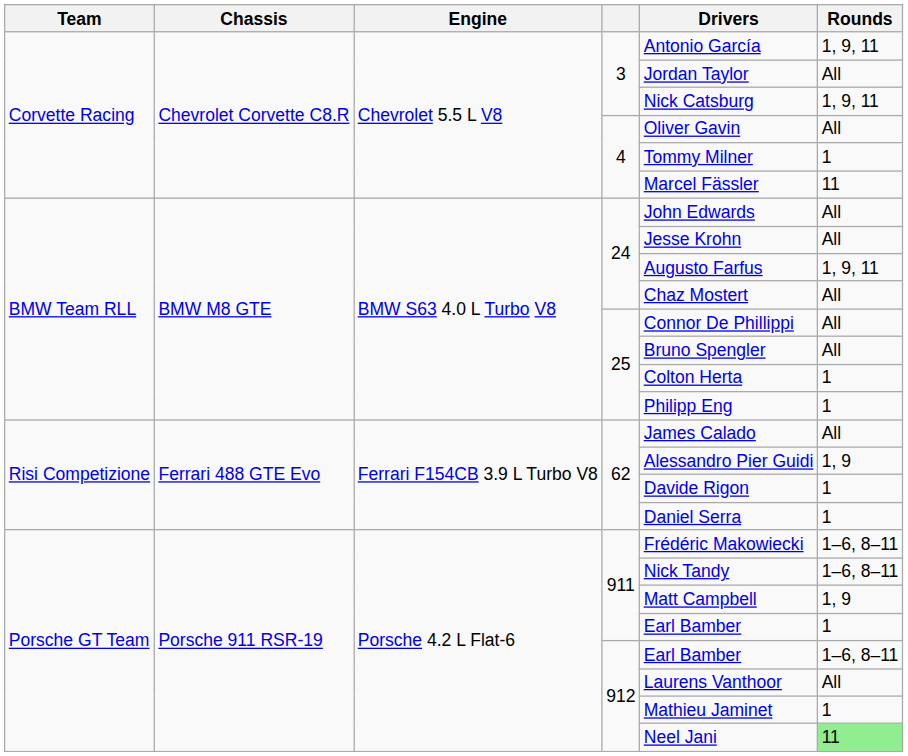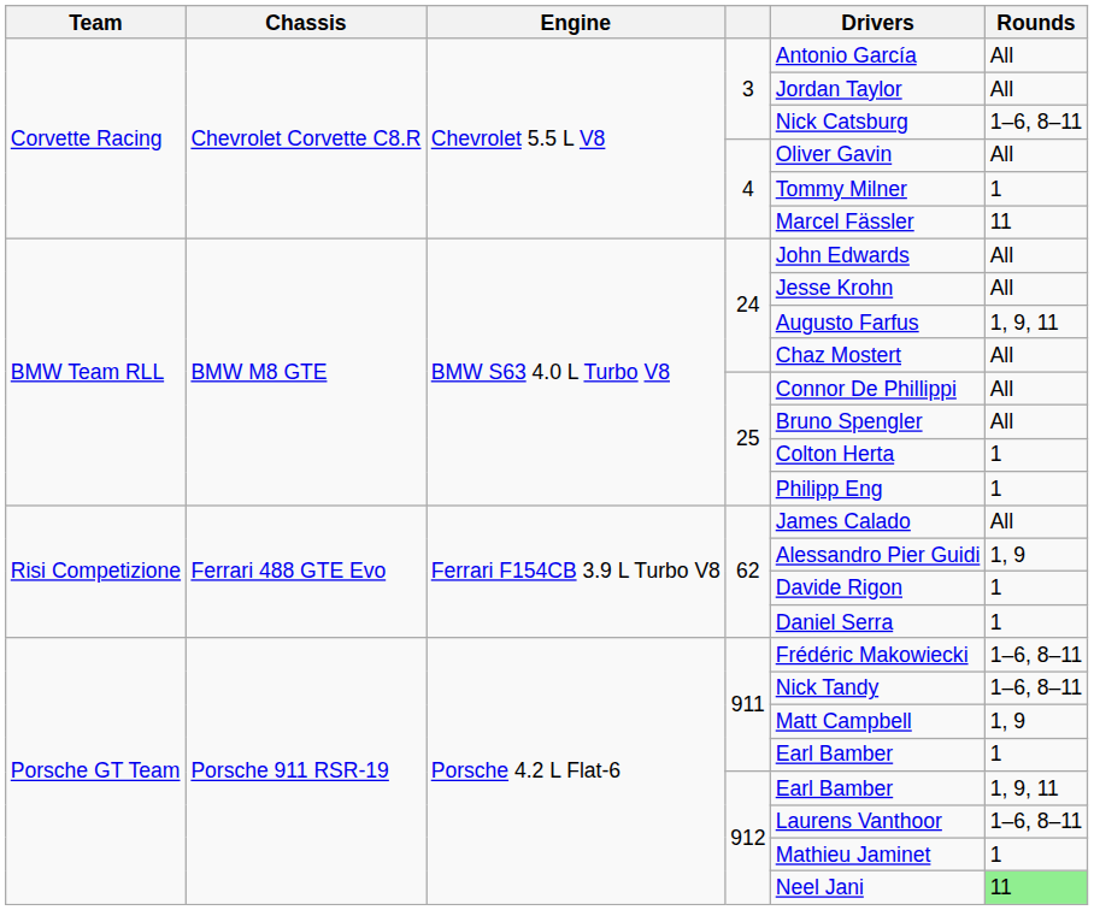 <table class="wikitable" style="font-size: 85%">
 <tr>
 <th>Team</th>
 <th>Chassis</th>
 <th>Engine</th>
 <th></th>
 <th>Drivers</th>
 <th>Rounds</th>
 </tr>
 <tr>
 <td rowspan=6> <a href='#'>Corvette Racing</a></td>
 <td rowspan=6><a href='#'>Chevrolet Corvette C8.R</a></td>
 <td rowspan=6><a href='#'>Chevrolet</a> 5.5 L  <a href='#'>V8</a></td>
 <td rowspan=3 align="center">3</td>
 <td> <a href='#'>Antonio García</a></td>
-<td>1, 9, 11</td>
+<td>All</td>
 </tr>
 <tr>
 <td> <a href='#'>Jordan Taylor</a></td>
 <td>All</td>
 </tr>
 <tr>
 <td> <a href='#'>Nick Catsburg</a></td>
-<td>1, 9, 11</td>
+<td>1–6, 8–11</td>
 </tr>
 <tr>
 <td rowspan=3 align="center">4</td>
 <td> <a href='#'>Oliver Gavin</a></td>
 <td>All</td>
 </tr>
 <tr>
 <td> <a href='#'>Tommy Milner</a></td>
 <td>1</td>
 </tr>
 <tr>
 <td> <a href='#'>Marcel Fässler</a></td>
 <td>11</td>
 </tr>
 <tr>
 <td rowspan=8> <a href='#'>BMW Team RLL</a></td>
 <td rowspan=8><a href='#'>BMW M8 GTE</a></td>
 <td rowspan=8><a href='#'>BMW S63</a> 4.0 L <a href='#'>Turbo</a> <a href='#'>V8</a></td>
 <td rowspan="4" align="center">24</td>
 <td> <a href='#'>John Edwards</a></td>
 <td>All</td>
 </tr>
 <tr>
 <td> <a href='#'>Jesse Krohn</a></td>
 <td>All</td>
 </tr>
 <tr>
 <td> <a href='#'>Augusto Farfus</a></td>
 <td>1, 9, 11</td>
 </tr>
 <tr>
 <td> <a href='#'>Chaz Mostert</a></td>
 <td>All</td>
 </tr>
 <tr>
 <td rowspan="4" align="center">25</td>
 <td> <a href='#'>Connor De Phillippi</a></td>
 <td>All</td>
 </tr>
 <tr>
 <td> <a href='#'>Bruno Spengler</a></td>
 <td>All</td>
 </tr>
 <tr>
 <td> <a href='#'>Colton Herta</a></td>
 <td>1</td>
 </tr>
 <tr>
 <td> <a href='#'>Philipp Eng</a></td>
 <td>1</td>
 </tr>
 <tr>
 <td rowspan=4> <a href='#'>Risi Competizione</a></td>
 <td rowspan=4><a href='#'>Ferrari 488 GTE Evo</a></td>
 <td rowspan=4><a href='#'>Ferrari F154CB</a> 3.9 L Turbo V8</td>
 <td rowspan=4 align=center>62</td>
 <td> <a href='#'>James Calado</a></td>
 <td>All</td>
 </tr>
 <tr>
 <td> <a href='#'>Alessandro Pier Guidi</a></td>
 <td>1, 9</td>
 </tr>
 <tr>
 <td> <a href='#'>Davide Rigon</a></td>
 <td>1</td>
 </tr>
 <tr>
 <td> <a href='#'>Daniel Serra</a></td>
 <td>1</td>
 </tr>
 <tr>
 <td rowspan=8> <a href='#'>Porsche GT Team</a></td>
 <td rowspan=8><a href='#'>Porsche 911 RSR-19</a></td>
 <td rowspan=8><a href='#'>Porsche</a> 4.2 L Flat-6</td>
 <td rowspan="4" align="center">911</td>
 <td> <a href='#'>Frédéric Makowiecki</a></td>
 <td>1–6, 8–11</td>
 </tr>
 <tr>
 <td> <a href='#'>Nick Tandy</a></td>
 <td>1–6, 8–11</td>
 </tr>
 <tr>
 <td> <a href='#'>Matt Campbell</a></td>
 <td>1, 9</td>
 </tr>
 <tr>
 <td> <a href='#'>Earl Bamber</a></td>
 <td>1</td>
 </tr>
 <tr>
 <td rowspan="4" align="center">912</td>
 <td> <a href='#'>Earl Bamber</a></td>
-<td>1–6, 8–11</td>
+<td>1, 9, 11</td>
 </tr>
 <tr>
 <td> <a href='#'>Laurens Vanthoor</a></td>
-<td>All</td>
+<td>1–6, 8–11</td>
 </tr>
 <tr>
 <td> <a href='#'>Mathieu Jaminet</a></td>
 <td>1</td>
 </tr>
 <tr>
 <td> <a href='#'>Neel Jani</a></td>
 <td style="background: lightgreen;">11</td>
 </tr>
 </table>
